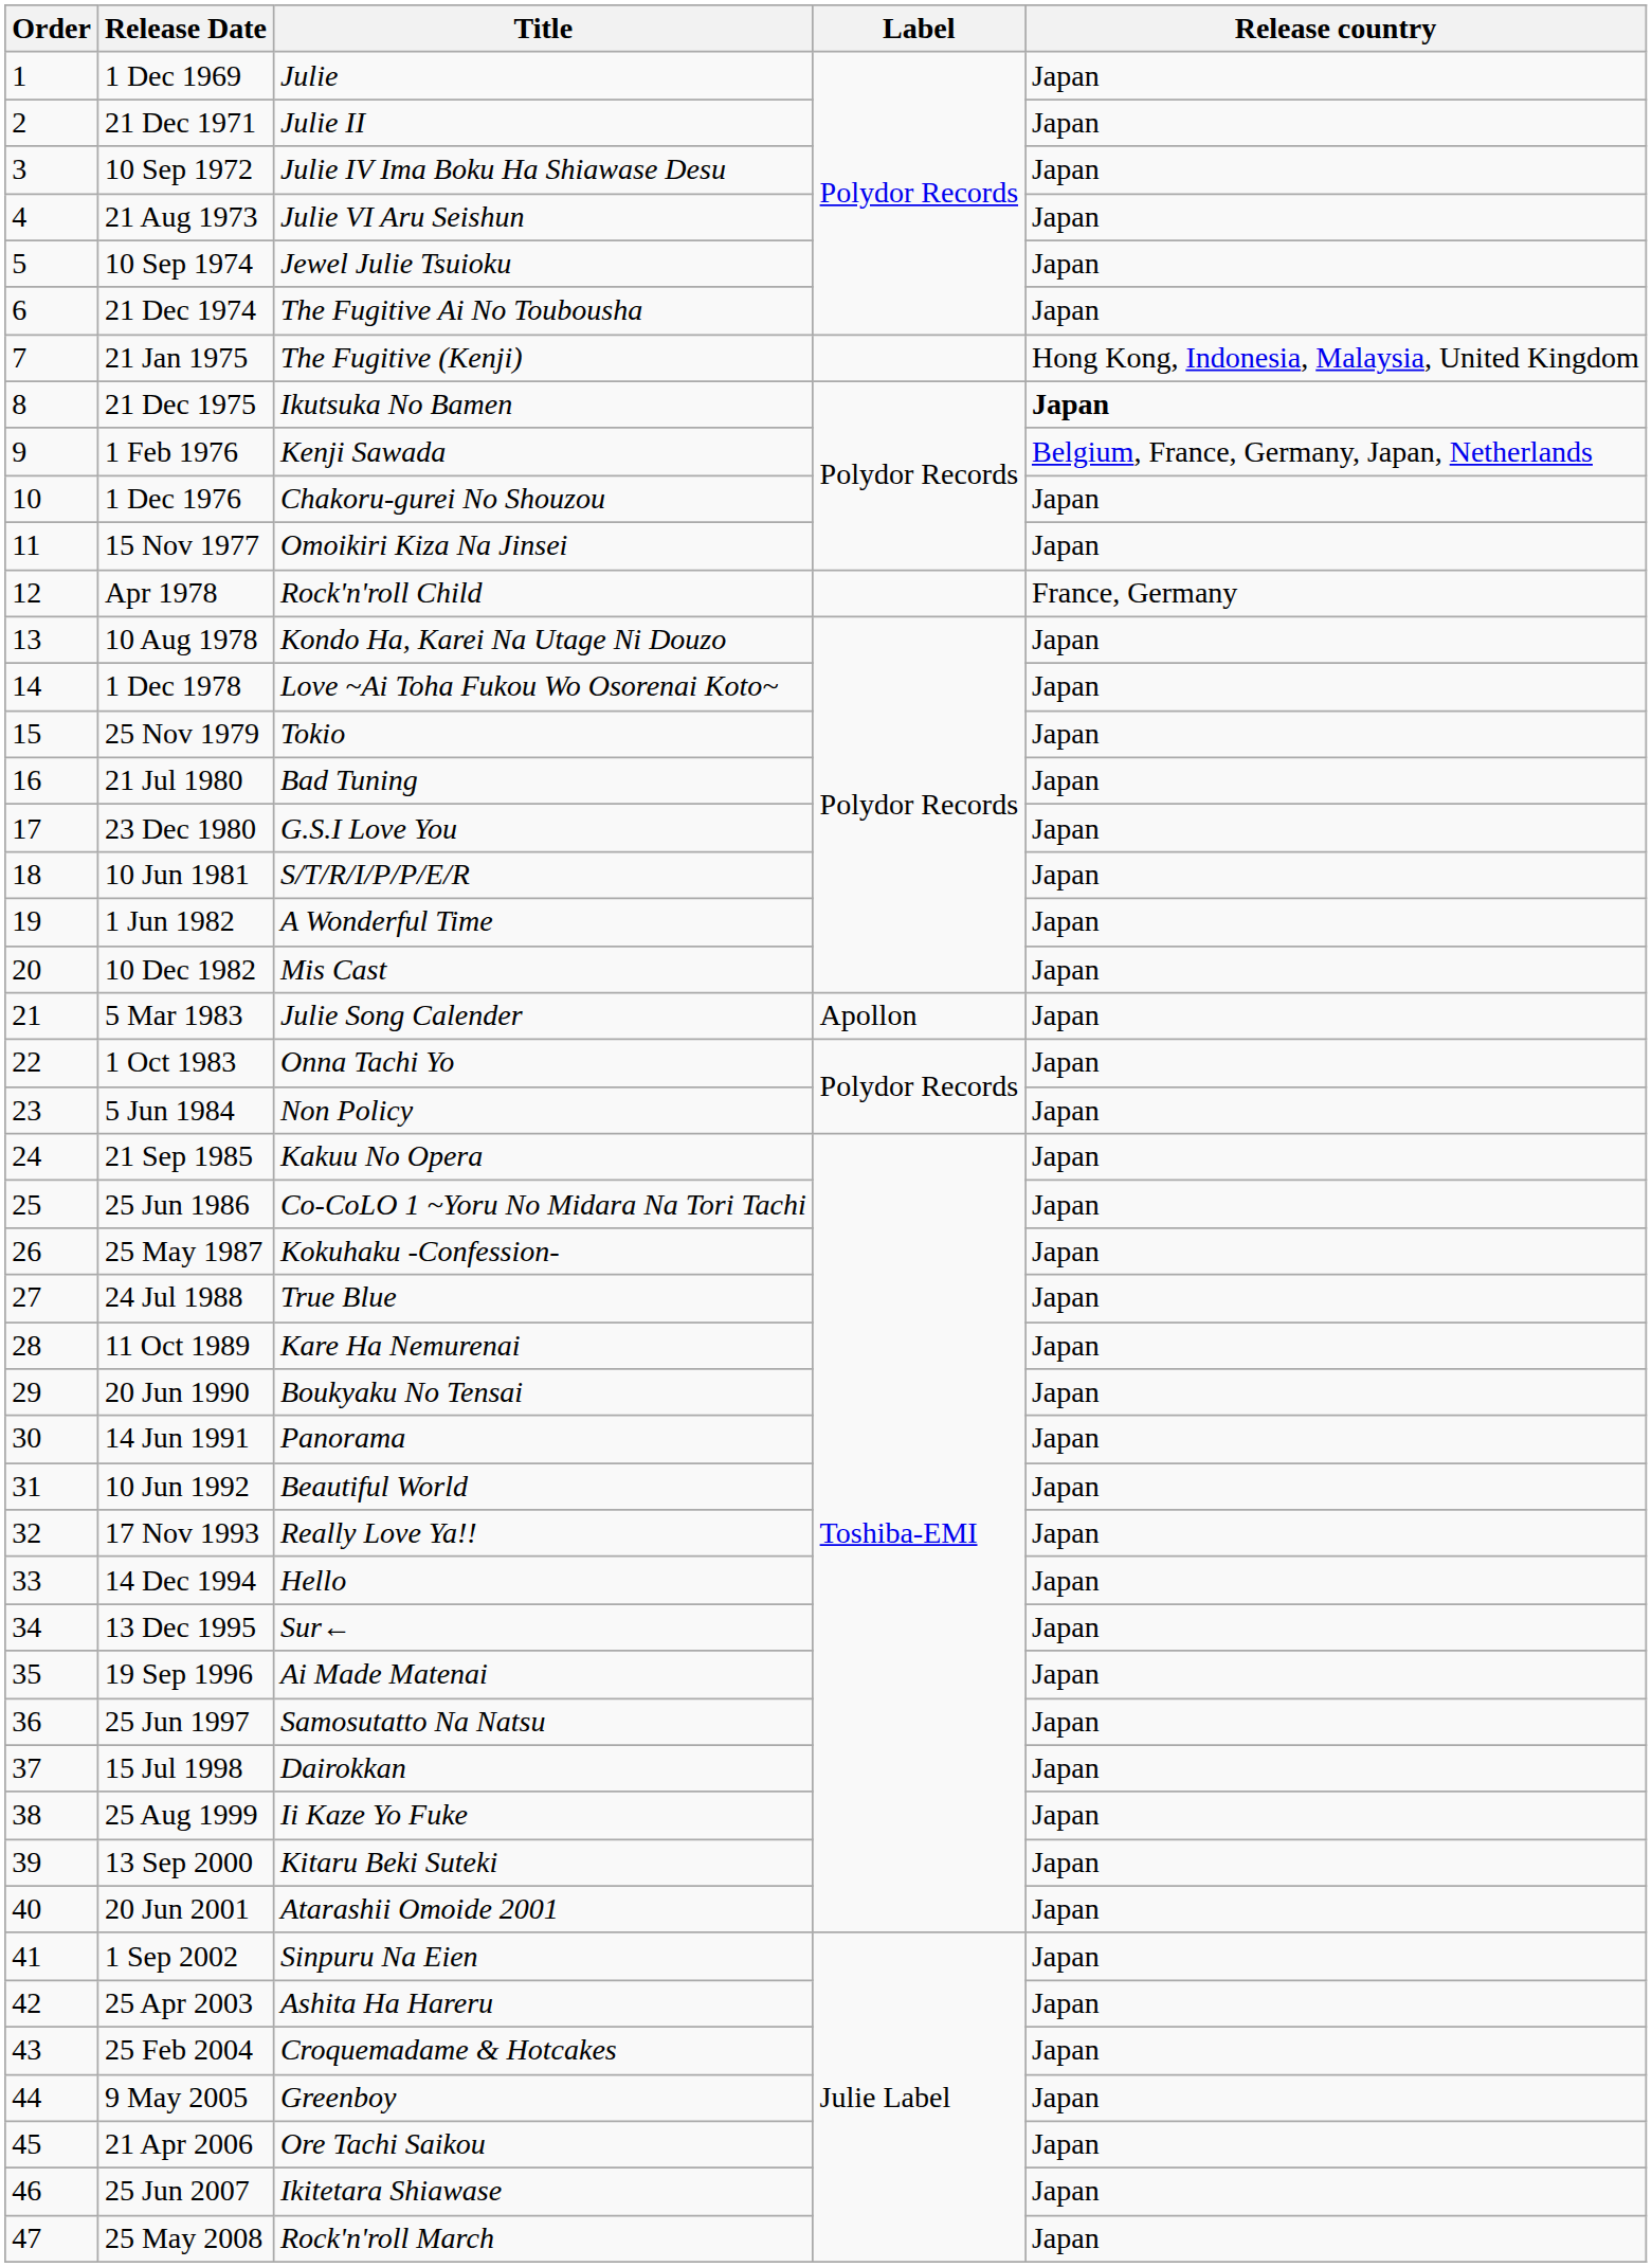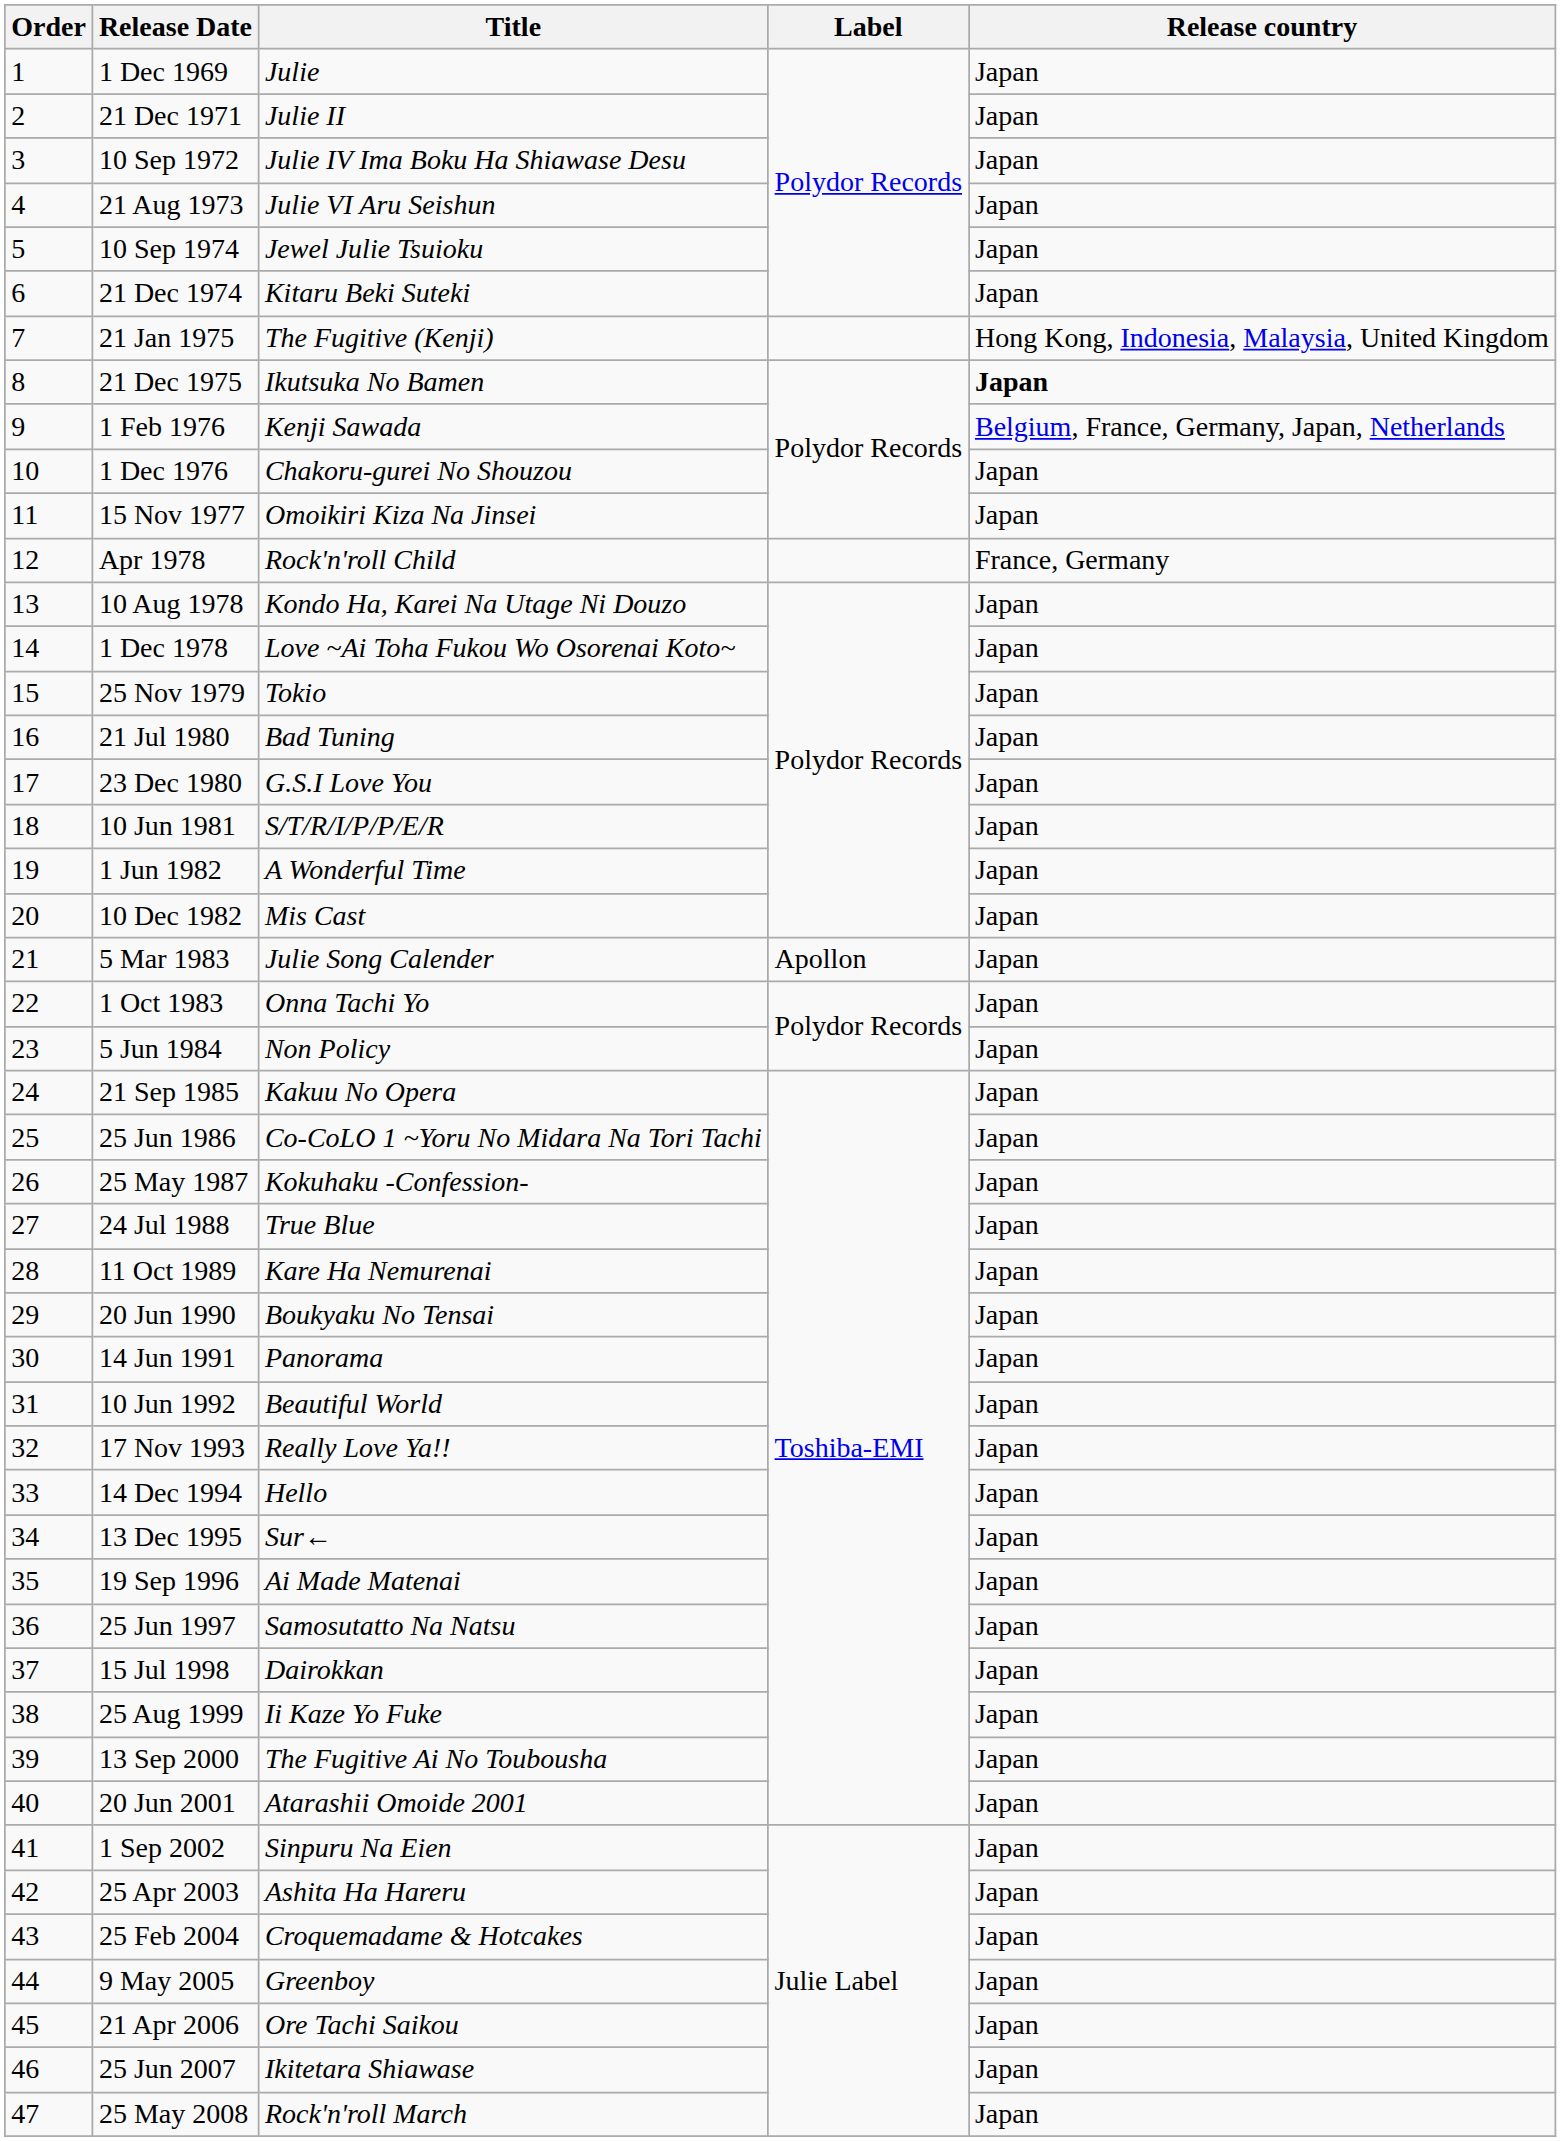 <table class="wikitable">
 <tr>
 <th>Order</th>
 <th>Release Date</th>
 <th>Title</th>
 <th>Label</th>
 <th>Release country</th>
 </tr>
 <tr>
 <td>1</td>
 <td>1 Dec 1969</td>
 <td><em>Julie</em></td>
 <td rowspan="6"><a href='#'>Polydor Records</a></td>
 <td>Japan</td>
 </tr>
 <tr>
 <td>2</td>
 <td>21 Dec 1971</td>
 <td><em>Julie II</em></td>
 <td>Japan</td>
 </tr>
 <tr>
 <td>3</td>
 <td>10 Sep 1972</td>
 <td><em>Julie IV Ima Boku Ha Shiawase Desu</em></td>
 <td>Japan</td>
 </tr>
 <tr>
 <td>4</td>
 <td>21 Aug 1973</td>
 <td><em>Julie VI Aru Seishun</em></td>
 <td>Japan</td>
 </tr>
 <tr>
 <td>5</td>
 <td>10 Sep 1974</td>
 <td><em>Jewel Julie Tsuioku</em></td>
 <td>Japan</td>
 </tr>
 <tr>
 <td>6</td>
 <td>21 Dec 1974</td>
-<td><em>The Fugitive Ai No Toubousha</em></td>
+<td><em>Kitaru Beki Suteki</em></td>
 <td>Japan</td>
 </tr>
 <tr>
 <td>7</td>
 <td>21 Jan 1975</td>
 <td><em>The Fugitive (Kenji)</em></td>
 <td></td>
 <td>Hong Kong, <a href='#'>Indonesia</a>, <a href='#'>Malaysia</a>, United Kingdom</td>
 </tr>
 <tr>
 <td>8</td>
 <td>21 Dec 1975</td>
 <td><em>Ikutsuka No Bamen</em></td>
 <td rowspan="4">Polydor Records</td>
 <td><strong>Japan</strong></td>
 </tr>
 <tr>
 <td>9</td>
 <td>1 Feb 1976</td>
 <td><em>Kenji Sawada</em></td>
 <td><a href='#'>Belgium</a>, France, Germany, Japan, <a href='#'>Netherlands</a></td>
 </tr>
 <tr>
 <td>10</td>
 <td>1 Dec 1976</td>
 <td><em>Chakoru-gurei No Shouzou</em></td>
 <td>Japan</td>
 </tr>
 <tr>
 <td>11</td>
 <td>15 Nov 1977</td>
 <td><em>Omoikiri Kiza Na Jinsei</em></td>
 <td>Japan</td>
 </tr>
 <tr>
 <td>12</td>
 <td>Apr 1978</td>
 <td><em>Rock'n'roll Child</em></td>
 <td></td>
 <td>France, Germany</td>
 </tr>
 <tr>
 <td>13</td>
 <td>10 Aug 1978</td>
 <td><em>Kondo Ha, Karei Na Utage Ni Douzo</em></td>
 <td rowspan="8">Polydor Records</td>
 <td>Japan</td>
 </tr>
 <tr>
 <td>14</td>
 <td>1 Dec 1978</td>
 <td><em>Love ~Ai Toha Fukou Wo Osorenai Koto~</em></td>
 <td>Japan</td>
 </tr>
 <tr>
 <td>15</td>
 <td>25 Nov 1979</td>
 <td><em>Tokio</em></td>
 <td>Japan</td>
 </tr>
 <tr>
 <td>16</td>
 <td>21 Jul 1980</td>
 <td><em>Bad Tuning</em></td>
 <td>Japan</td>
 </tr>
 <tr>
 <td>17</td>
 <td>23 Dec 1980</td>
 <td><em>G.S.I Love You</em></td>
 <td>Japan</td>
 </tr>
 <tr>
 <td>18</td>
 <td>10 Jun 1981</td>
 <td><em>S/T/R/I/P/P/E/R</em></td>
 <td>Japan</td>
 </tr>
 <tr>
 <td>19</td>
 <td>1 Jun 1982</td>
 <td><em>A Wonderful Time</em></td>
 <td>Japan</td>
 </tr>
 <tr>
 <td>20</td>
 <td>10 Dec 1982</td>
 <td><em>Mis Cast</em></td>
 <td>Japan</td>
 </tr>
 <tr>
 <td>21</td>
 <td>5 Mar 1983</td>
 <td><em>Julie Song Calender</em></td>
 <td>Apollon</td>
 <td>Japan</td>
 </tr>
 <tr>
 <td>22</td>
 <td>1 Oct 1983</td>
 <td><em>Onna Tachi Yo</em></td>
 <td rowspan="2">Polydor Records</td>
 <td>Japan</td>
 </tr>
 <tr>
 <td>23</td>
 <td>5 Jun 1984</td>
 <td><em>Non Policy</em></td>
 <td>Japan</td>
 </tr>
 <tr>
 <td>24</td>
 <td>21 Sep 1985</td>
 <td><em>Kakuu No Opera</em></td>
 <td rowspan="17"><a href='#'>Toshiba-EMI</a></td>
 <td>Japan</td>
 </tr>
 <tr>
 <td>25</td>
 <td>25 Jun 1986</td>
 <td><em>Co-CoLO 1 ~Yoru No Midara Na Tori Tachi</em></td>
 <td>Japan</td>
 </tr>
 <tr>
 <td>26</td>
 <td>25 May 1987</td>
 <td><em>Kokuhaku -Confession-</em></td>
 <td>Japan</td>
 </tr>
 <tr>
 <td>27</td>
 <td>24 Jul 1988</td>
 <td><em>True Blue</em></td>
 <td>Japan</td>
 </tr>
 <tr>
 <td>28</td>
 <td>11 Oct 1989</td>
 <td><em>Kare Ha Nemurenai</em></td>
 <td>Japan</td>
 </tr>
 <tr>
 <td>29</td>
 <td>20 Jun 1990</td>
 <td><em>Boukyaku No Tensai</em></td>
 <td>Japan</td>
 </tr>
 <tr>
 <td>30</td>
 <td>14 Jun 1991</td>
 <td><em>Panorama</em></td>
 <td>Japan</td>
 </tr>
 <tr>
 <td>31</td>
 <td>10 Jun 1992</td>
 <td><em>Beautiful World</em></td>
 <td>Japan</td>
 </tr>
 <tr>
 <td>32</td>
 <td>17 Nov 1993</td>
 <td><em>Really Love Ya!!</em></td>
 <td>Japan</td>
 </tr>
 <tr>
 <td>33</td>
 <td>14 Dec 1994</td>
 <td><em>Hello</em></td>
 <td>Japan</td>
 </tr>
 <tr>
 <td>34</td>
 <td>13 Dec 1995</td>
 <td><em>Sur←</em></td>
 <td>Japan</td>
 </tr>
 <tr>
 <td>35</td>
 <td>19 Sep 1996</td>
 <td><em>Ai Made Matenai</em></td>
 <td>Japan</td>
 </tr>
 <tr>
 <td>36</td>
 <td>25 Jun 1997</td>
 <td><em>Samosutatto Na Natsu</em></td>
 <td>Japan</td>
 </tr>
 <tr>
 <td>37</td>
 <td>15 Jul 1998</td>
 <td><em>Dairokkan</em></td>
 <td>Japan</td>
 </tr>
 <tr>
 <td>38</td>
 <td>25 Aug 1999</td>
 <td><em>Ii Kaze Yo Fuke</em></td>
 <td>Japan</td>
 </tr>
 <tr>
 <td>39</td>
 <td>13 Sep 2000</td>
-<td><em>Kitaru Beki Suteki</em></td>
+<td><em>The Fugitive Ai No Toubousha</em></td>
 <td>Japan</td>
 </tr>
 <tr>
 <td>40</td>
 <td>20 Jun 2001</td>
 <td><em>Atarashii Omoide 2001</em></td>
 <td>Japan</td>
 </tr>
 <tr>
 <td>41</td>
 <td>1 Sep 2002</td>
 <td><em>Sinpuru Na Eien</em></td>
 <td rowspan="7">Julie Label</td>
 <td>Japan</td>
 </tr>
 <tr>
 <td>42</td>
 <td>25 Apr 2003</td>
 <td><em>Ashita Ha Hareru</em></td>
 <td>Japan</td>
 </tr>
 <tr>
 <td>43</td>
 <td>25 Feb 2004</td>
 <td><em>Croquemadame & Hotcakes</em></td>
 <td>Japan</td>
 </tr>
 <tr>
 <td>44</td>
 <td>9 May 2005</td>
 <td><em>Greenboy</em></td>
 <td>Japan</td>
 </tr>
 <tr>
 <td>45</td>
 <td>21 Apr 2006</td>
 <td><em>Ore Tachi Saikou</em></td>
 <td>Japan</td>
 </tr>
 <tr>
 <td>46</td>
 <td>25 Jun 2007</td>
 <td><em>Ikitetara Shiawase</em></td>
 <td>Japan</td>
 </tr>
 <tr>
 <td>47</td>
 <td>25 May 2008</td>
 <td><em>Rock'n'roll March</em></td>
 <td>Japan</td>
 </tr>
 <tr>
 </tr>
 </table>
